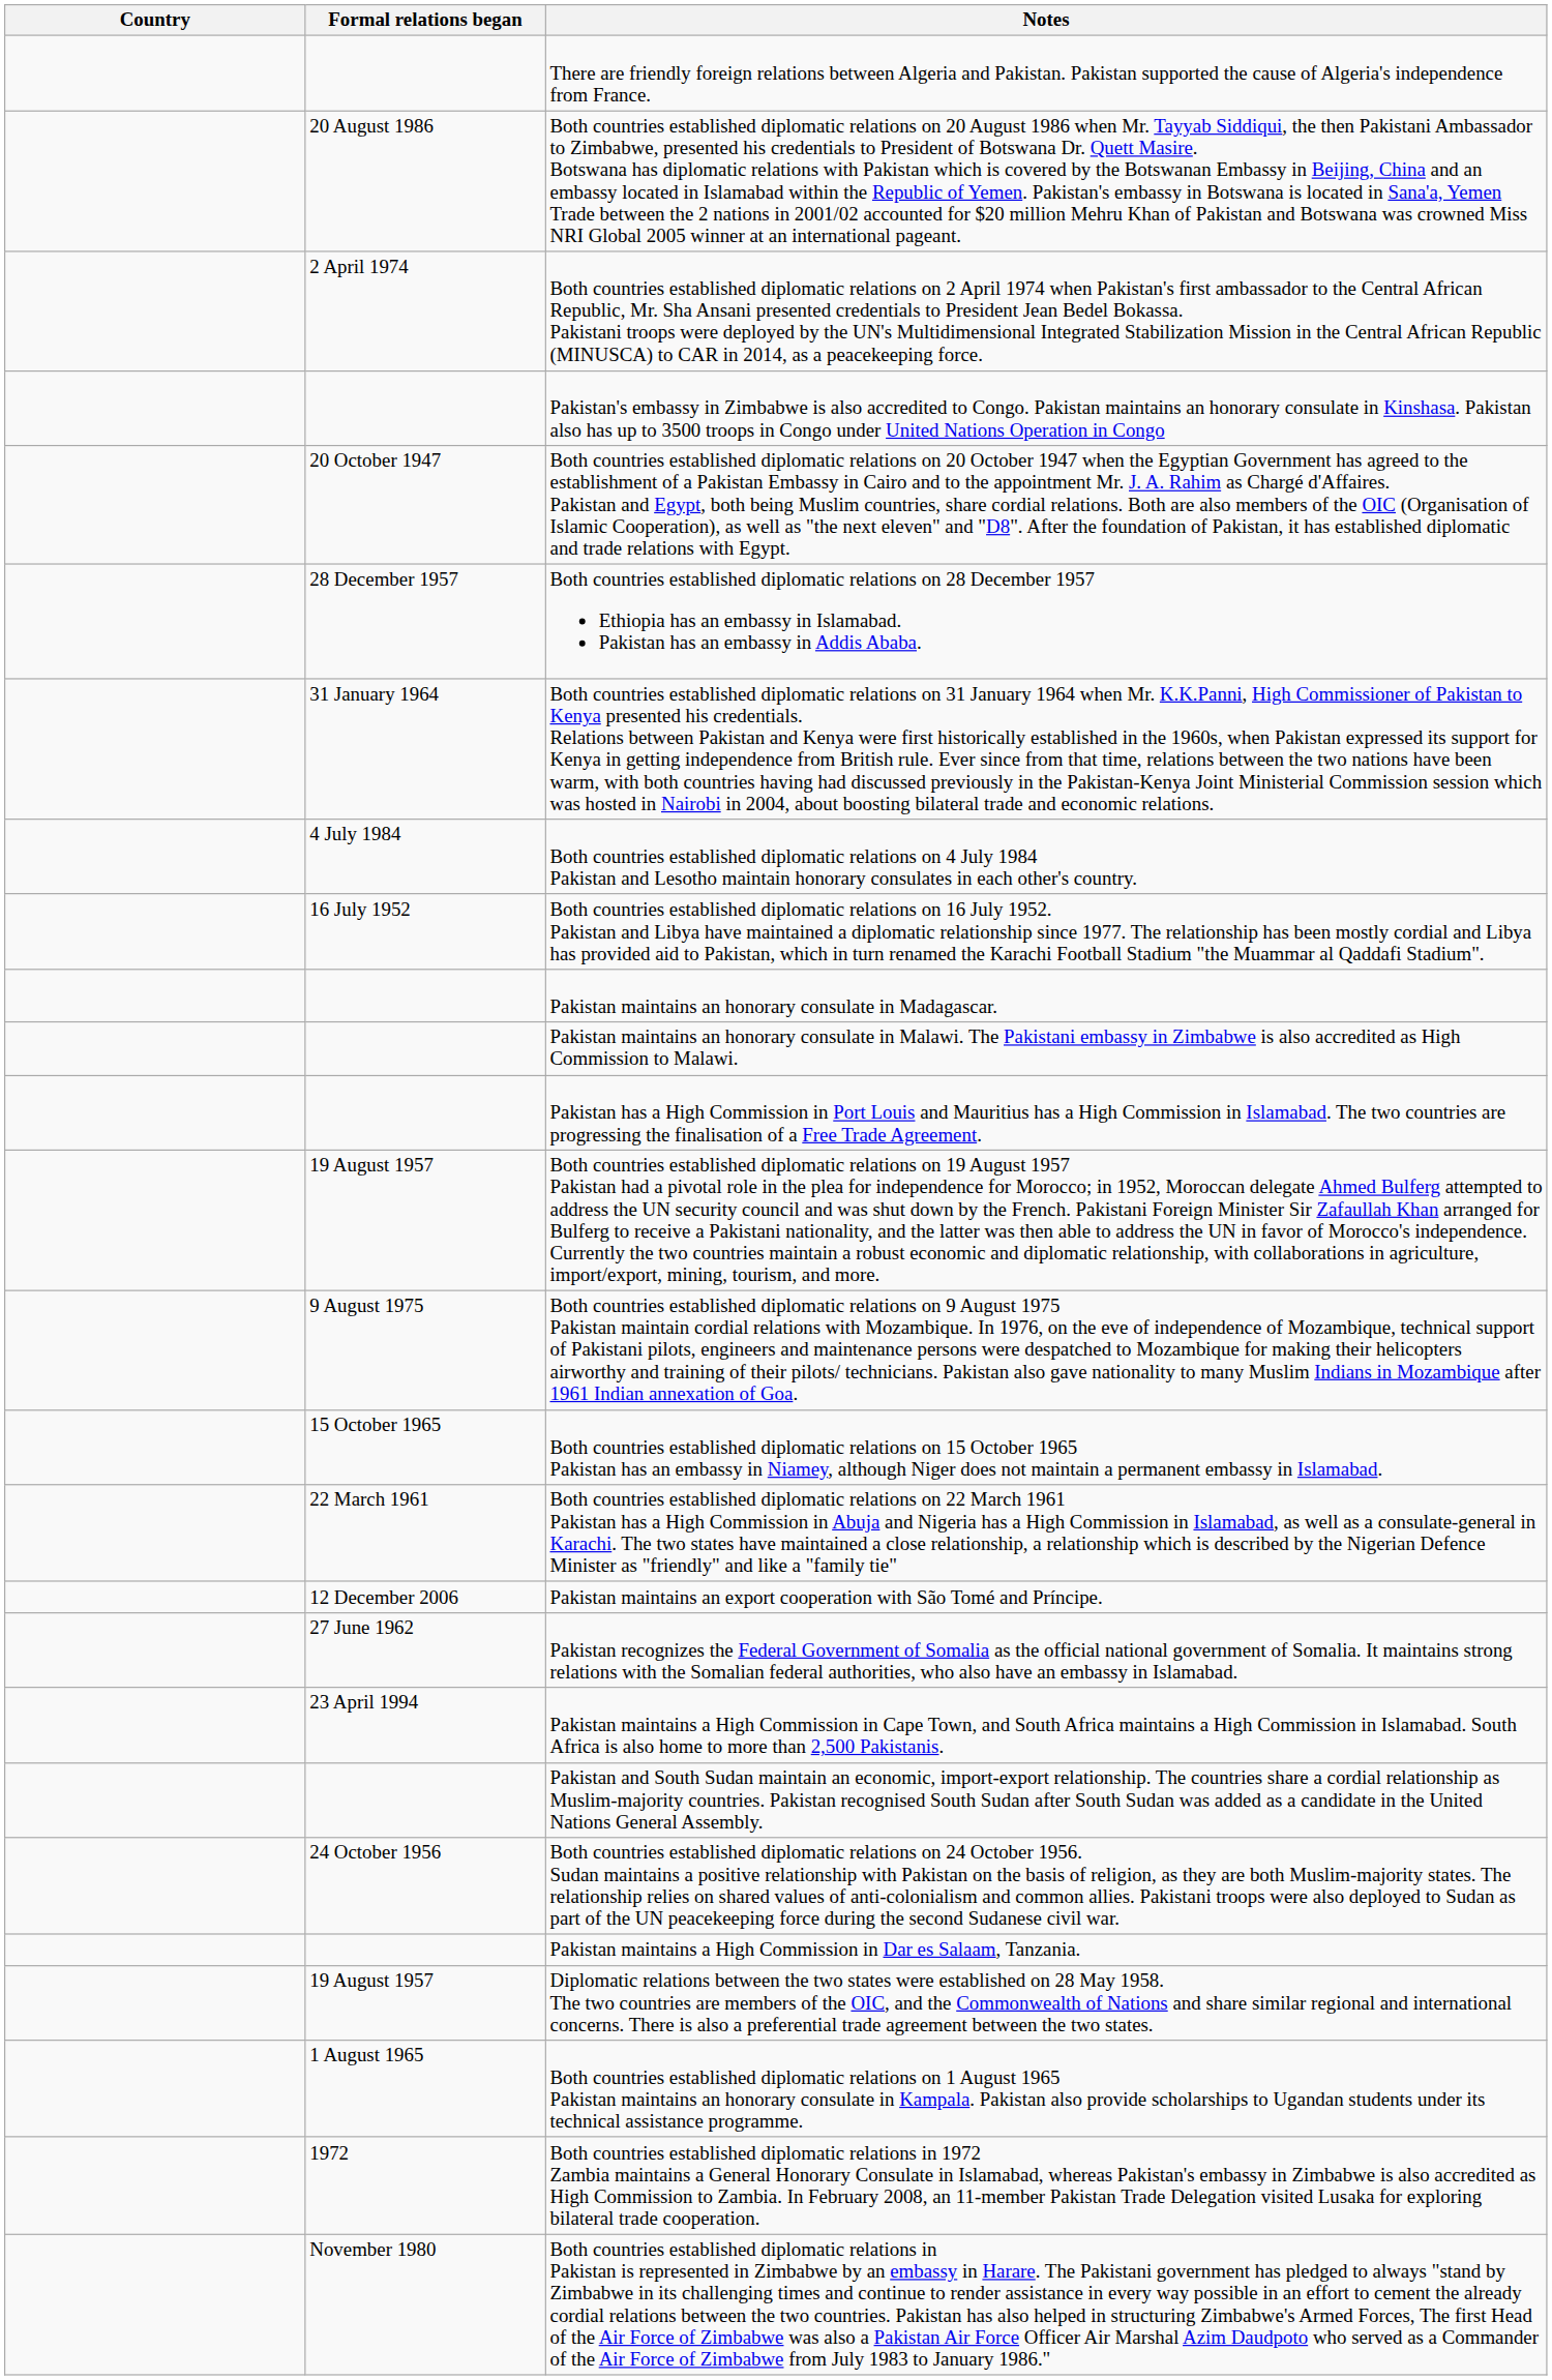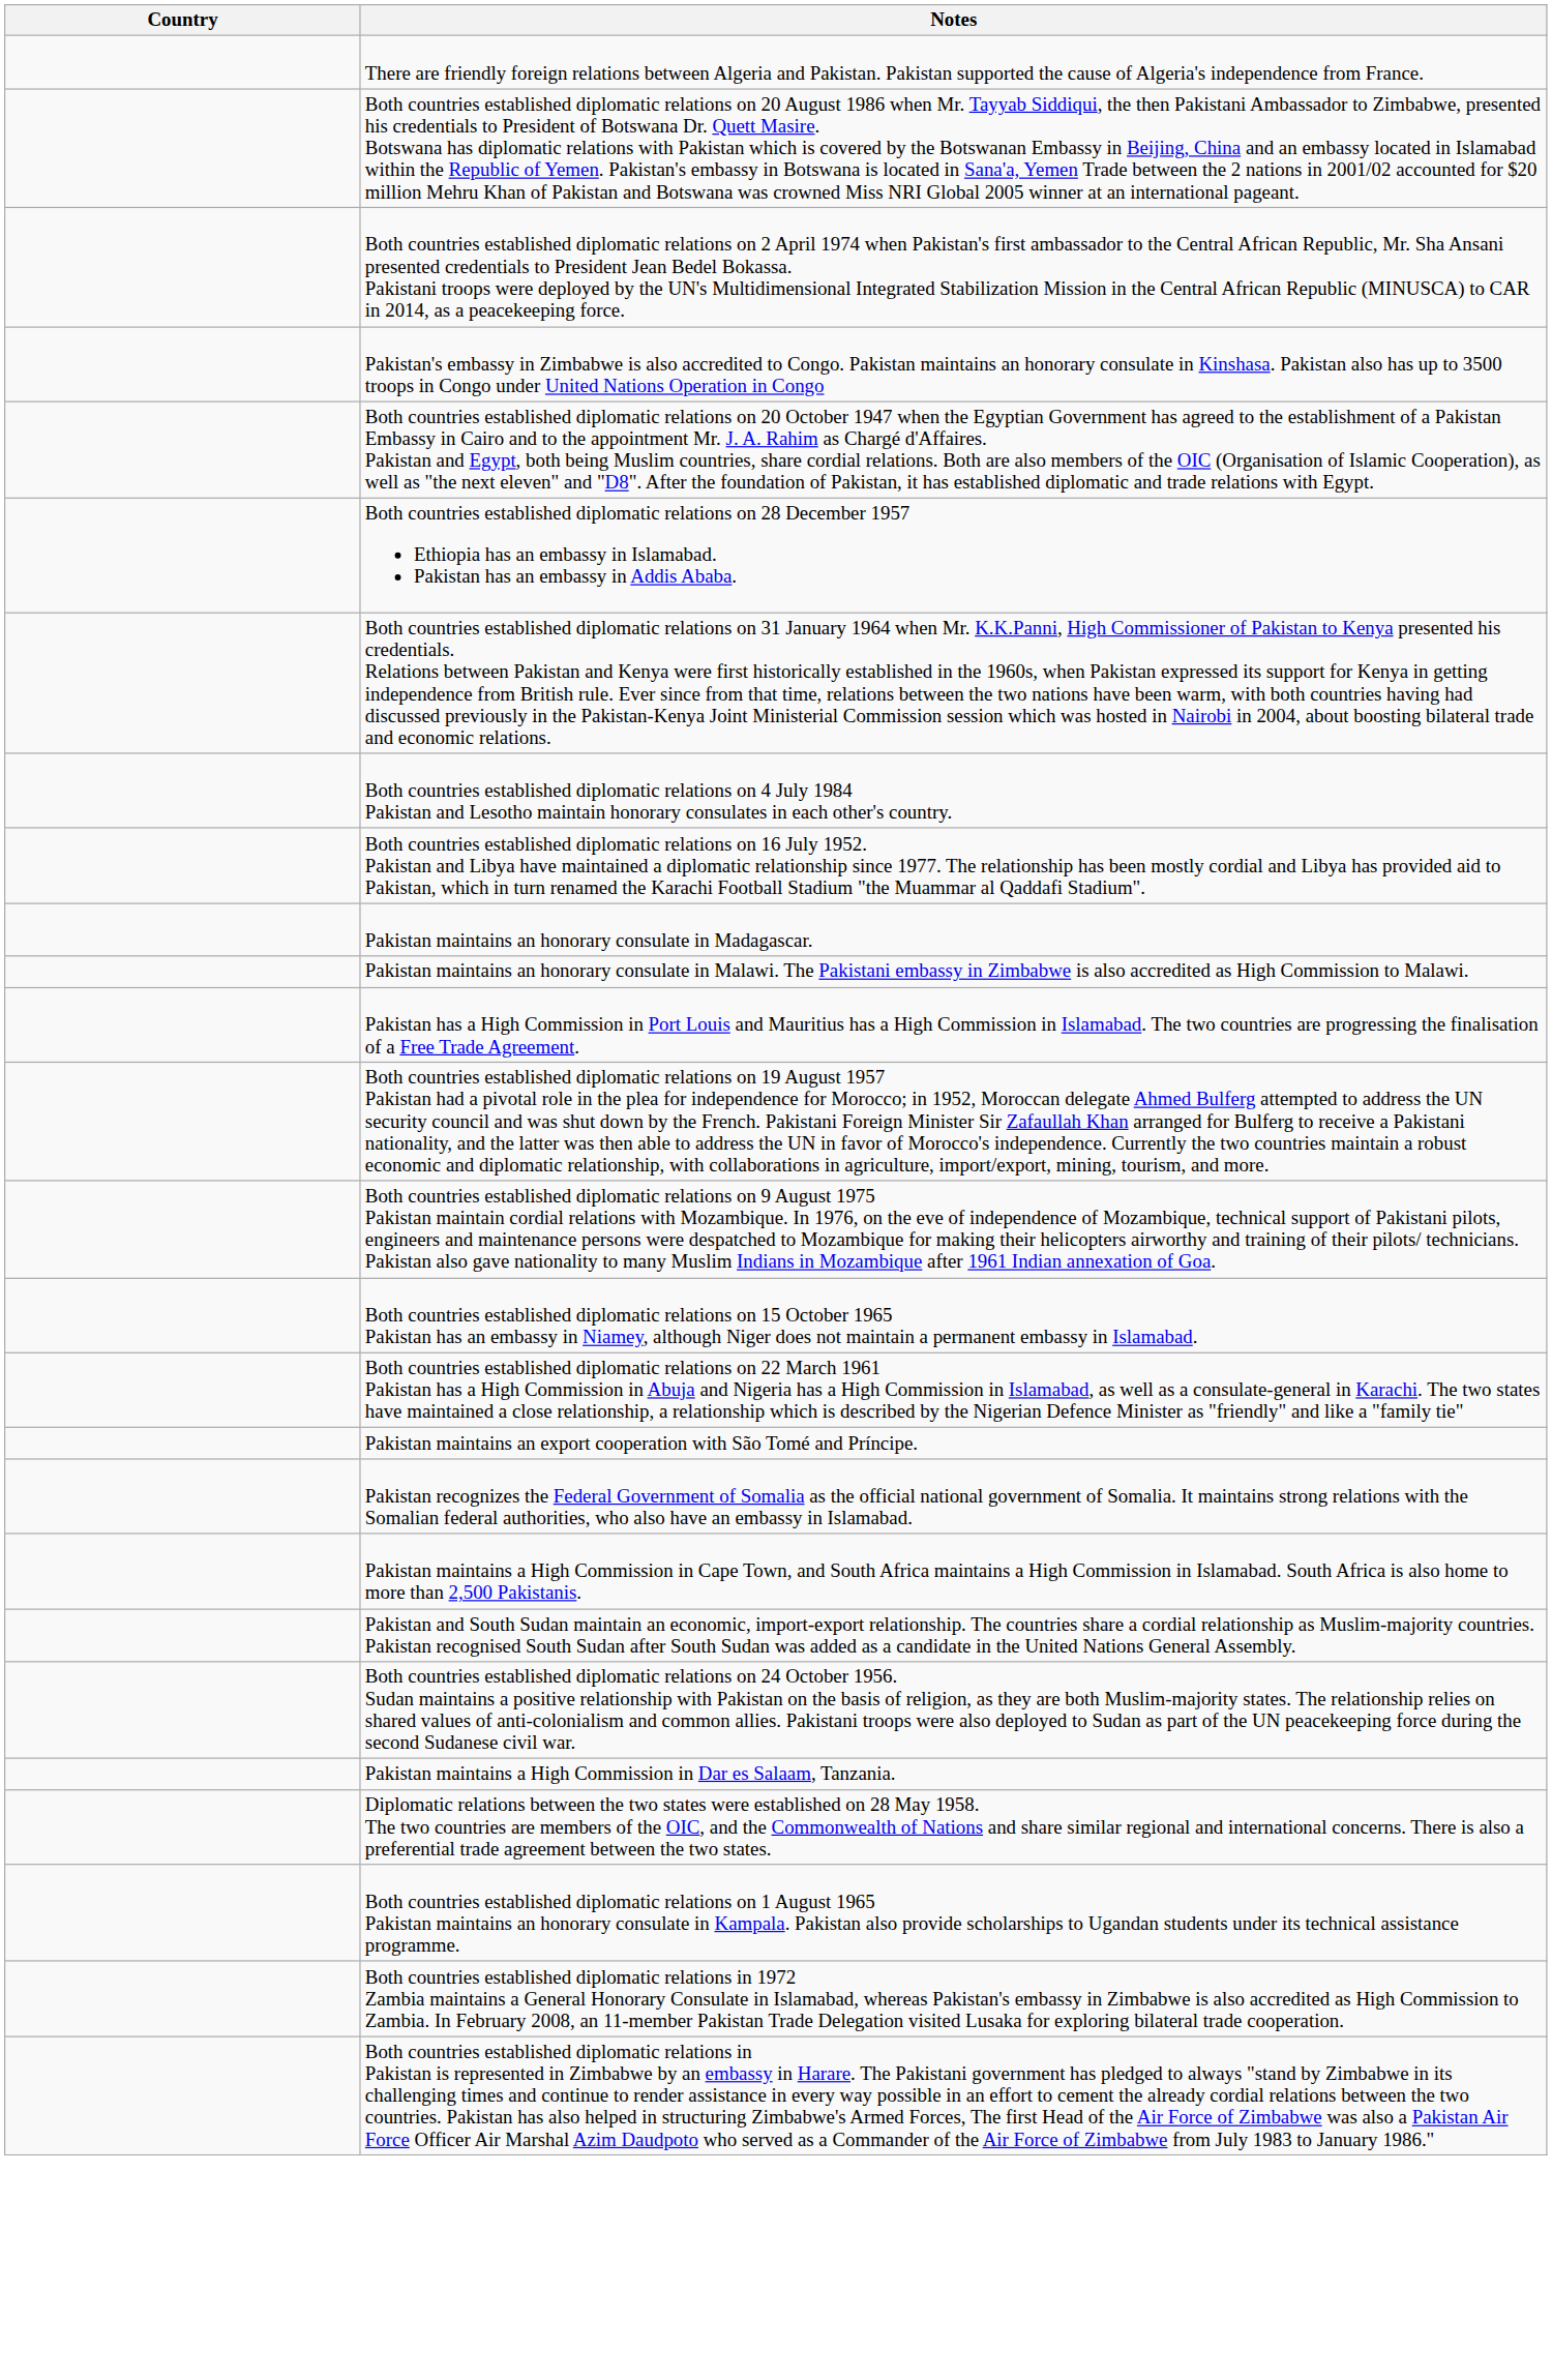 <table class="wikitable sortable" style="width:100%; margin:auto;">
 <tr>
 <th style="width:15%;">Country</th>
-<th style="width:12%;">Formal relations began</th>
 <th style="width:50%;">Notes</th>
 </tr>
 <tr valign="top">
-<td></td>
 <td></td>
 <td><br>There are friendly foreign relations between Algeria and Pakistan. Pakistan supported the cause of Algeria's independence from France.</td>
 </tr>
 <tr valign="top">
 <td></td>
-<td>20 August 1986</td>
 <td>Both countries established diplomatic relations on 20 August 1986 when Mr. <a href='#'>Tayyab Siddiqui</a>, the then Pakistani Ambassador to Zimbabwe, presented his credentials to President of Botswana Dr. <a href='#'>Quett Masire</a>.<br>Botswana has diplomatic relations with Pakistan which is covered by the Botswanan Embassy in <a href='#'>Beijing, China</a> and an embassy located in Islamabad within the <a href='#'>Republic of Yemen</a>. Pakistan's embassy in Botswana is located in <a href='#'>Sana'a, Yemen</a> Trade between the 2 nations in 2001/02 accounted for $20 million Mehru Khan of Pakistan and Botswana was crowned Miss NRI Global 2005 winner at an international pageant.</td>
 </tr>
 <tr valign="top">
 <td></td>
-<td>2 April 1974</td>
 <td><br>Both countries established diplomatic relations on 2 April 1974 when Pakistan's first ambassador to the Central African Republic, Mr. Sha Ansani presented credentials to President Jean Bedel Bokassa.<br>Pakistani troops were deployed by the UN's Multidimensional Integrated Stabilization Mission in the Central African Republic (MINUSCA) to CAR in 2014, as a peacekeeping force.</td>
 </tr>
 <tr valign="top">
-<td></td>
 <td></td>
 <td><br>Pakistan's embassy in Zimbabwe is also accredited to Congo. Pakistan maintains an honorary consulate in <a href='#'>Kinshasa</a>. Pakistan also has up to 3500 troops in Congo under <a href='#'>United Nations Operation in Congo</a></td>
 </tr>
 <tr valign="top">
 <td></td>
-<td>20 October 1947</td>
 <td>Both countries established diplomatic relations on 20 October 1947 when the Egyptian Government has agreed to the establishment of a Pakistan Embassy in Cairo and to the appointment Mr. <a href='#'>J. A. Rahim</a> as Chargé d'Affaires.<br>Pakistan and <a href='#'>Egypt</a>, both being Muslim countries, share cordial relations. Both are also members of the <a href='#'>OIC</a> (Organisation of Islamic Cooperation), as well as "the next eleven" and "<a href='#'>D8</a>". After the foundation of Pakistan, it has established diplomatic and trade relations with Egypt.</td>
 </tr>
 <tr valign="top">
 <td></td>
-<td>28 December 1957</td>
 <td>Both countries established diplomatic relations on 28 December 1957<br><ul><li>Ethiopia has an embassy in Islamabad.</li><li>Pakistan has an embassy in <a href='#'>Addis Ababa</a>.</li></ul></td>
 </tr>
 <tr valign="top">
 <td></td>
-<td>31 January 1964</td>
 <td>Both countries established diplomatic relations on 31 January 1964 when Mr. <a href='#'>K.K.Panni</a>, <a href='#'>High Commissioner of Pakistan to Kenya</a> presented his credentials.<br>Relations between Pakistan and Kenya were first historically established in the 1960s, when Pakistan expressed its support for Kenya in getting independence from British rule. Ever since from that time, relations between the two nations have been warm, with both countries having had discussed previously in the Pakistan-Kenya Joint Ministerial Commission session which was hosted in <a href='#'>Nairobi</a> in 2004, about boosting bilateral trade and economic relations.</td>
 </tr>
 <tr valign="top">
 <td></td>
-<td>4 July 1984</td>
 <td><br>Both countries established diplomatic relations on 4 July 1984<br>Pakistan and Lesotho maintain honorary consulates in each other's country.</td>
 </tr>
 <tr valign="top">
 <td></td>
-<td>16 July 1952</td>
 <td>Both countries established diplomatic relations on 16 July 1952.<br>Pakistan and Libya have maintained a diplomatic relationship since 1977. The relationship has been mostly cordial and Libya has provided aid to Pakistan, which in turn renamed the Karachi Football Stadium "the Muammar al Qaddafi Stadium".</td>
 </tr>
 <tr valign="top">
-<td></td>
 <td></td>
 <td><br>Pakistan maintains an honorary consulate in Madagascar.</td>
 </tr>
 <tr valign="top">
 <td></td>
-<td></td>
 <td>Pakistan maintains an honorary consulate in Malawi. The <a href='#'>Pakistani embassy in Zimbabwe</a> is also accredited as High Commission to Malawi.</td>
 </tr>
 <tr valign="top">
-<td></td>
 <td></td>
 <td><br>Pakistan has a High Commission in <a href='#'>Port Louis</a> and Mauritius has a High Commission in <a href='#'>Islamabad</a>. The two countries are progressing the finalisation of a <a href='#'>Free Trade Agreement</a>.</td>
 </tr>
 <tr valign="top">
 <td></td>
-<td>19 August 1957</td>
 <td>Both countries established diplomatic relations on 19 August 1957<br>Pakistan had a pivotal role in the plea for independence for Morocco; in 1952, Moroccan delegate <a href='#'>Ahmed Bulferg</a> attempted to address the UN security council and was shut down by the French. Pakistani Foreign Minister Sir <a href='#'>Zafaullah Khan</a> arranged for Bulferg to receive a Pakistani nationality, and the latter was then able to address the UN in favor of Morocco's independence. Currently the two countries maintain a robust economic and diplomatic relationship, with collaborations in agriculture, import/export, mining, tourism, and more.</td>
 </tr>
 <tr valign="top">
 <td></td>
-<td>9 August 1975</td>
 <td>Both countries established diplomatic relations on 9 August 1975<br>Pakistan maintain cordial relations with Mozambique. In 1976, on the eve of independence of Mozambique, technical support of Pakistani pilots, engineers and maintenance persons were despatched to Mozambique for making their helicopters airworthy and training of their pilots/ technicians. Pakistan also gave nationality to many Muslim <a href='#'>Indians in Mozambique</a> after <a href='#'>1961 Indian annexation of Goa</a>.</td>
 </tr>
 <tr valign="top">
 <td></td>
-<td>15 October 1965</td>
 <td><br>Both countries established diplomatic relations on 15 October 1965<br>Pakistan has an embassy in <a href='#'>Niamey</a>, although Niger does not maintain a permanent embassy in <a href='#'>Islamabad</a>.</td>
 </tr>
 <tr valign="top">
 <td></td>
-<td>22 March 1961</td>
 <td>Both countries established diplomatic relations on 22 March 1961<br>Pakistan has a High Commission in <a href='#'>Abuja</a> and Nigeria has a High Commission in <a href='#'>Islamabad</a>, as well as a consulate-general in <a href='#'>Karachi</a>. The two states have maintained a close relationship, a relationship which is described by the Nigerian Defence Minister as "friendly" and like a "family tie"</td>
 </tr>
 <tr valign="top">
 <td></td>
-<td>12 December 2006</td>
 <td>Pakistan maintains an export cooperation with São Tomé and Príncipe.</td>
 </tr>
 <tr valign="top">
 <td></td>
-<td>27 June 1962</td>
 <td><br>Pakistan recognizes the <a href='#'>Federal Government of Somalia</a> as the official national government of Somalia. It maintains strong relations with the Somalian federal authorities, who also have an embassy in Islamabad.</td>
 </tr>
 <tr valign="top">
 <td></td>
-<td>23 April 1994</td>
 <td><br>Pakistan maintains a High Commission in Cape Town, and South Africa maintains a High Commission in Islamabad. South Africa is also home to more than <a href='#'>2,500 Pakistanis</a>.</td>
 </tr>
 <tr valign="top">
-<td></td>
 <td></td>
 <td>Pakistan and South Sudan maintain an economic, import-export relationship. The countries share a cordial relationship as Muslim-majority countries. Pakistan recognised South Sudan after South Sudan was added as a candidate in the United Nations General Assembly.</td>
 </tr>
 <tr valign="top">
 <td></td>
-<td>24 October 1956</td>
 <td>Both countries established diplomatic relations on 24 October 1956.<br>Sudan maintains a positive relationship with Pakistan on the basis of religion, as they are both Muslim-majority states. The relationship relies on shared values of anti-colonialism and common allies. Pakistani troops were also deployed to Sudan as part of the UN peacekeeping force during the second Sudanese civil war.</td>
 </tr>
 <tr valign="top">
-<td></td>
 <td></td>
 <td>Pakistan maintains a High Commission in <a href='#'>Dar es Salaam</a>, Tanzania.</td>
 </tr>
 <tr valign="top">
 <td></td>
-<td>19 August 1957</td>
 <td>Diplomatic relations between the two states were established on 28 May 1958.<br>The two countries are members of the <a href='#'>OIC</a>, and the <a href='#'>Commonwealth of Nations</a> and share similar regional and international concerns. There is also a preferential trade agreement between the two states.</td>
 </tr>
 <tr valign="top">
 <td></td>
-<td>1 August 1965</td>
 <td><br>Both countries established diplomatic relations on 1 August 1965<br>Pakistan maintains an honorary consulate in <a href='#'>Kampala</a>. Pakistan also provide scholarships to Ugandan students under its technical assistance programme.</td>
 </tr>
 <tr valign="top">
 <td></td>
-<td>1972</td>
 <td>Both countries established diplomatic relations in 1972<br>Zambia maintains a General Honorary Consulate in Islamabad, whereas Pakistan's embassy in Zimbabwe is also accredited as High Commission to Zambia. In February 2008, an 11-member Pakistan Trade Delegation visited Lusaka for exploring bilateral trade cooperation.</td>
 </tr>
 <tr valign="top">
 <td></td>
-<td>November 1980</td>
 <td>Both countries established diplomatic relations in <br>Pakistan is represented in Zimbabwe by an <a href='#'>embassy</a> in <a href='#'>Harare</a>. The Pakistani government has pledged to always "stand by Zimbabwe in its challenging times and continue to render assistance in every way possible in an effort to cement the already cordial relations between the two countries. Pakistan has also helped in structuring Zimbabwe's Armed Forces, The first Head of the <a href='#'>Air Force of Zimbabwe</a> was also a <a href='#'>Pakistan Air Force</a> Officer Air Marshal <a href='#'>Azim Daudpoto</a> who served as a Commander of the <a href='#'>Air Force of Zimbabwe</a> from July 1983 to January 1986."</td>
 </tr>
 </table>
